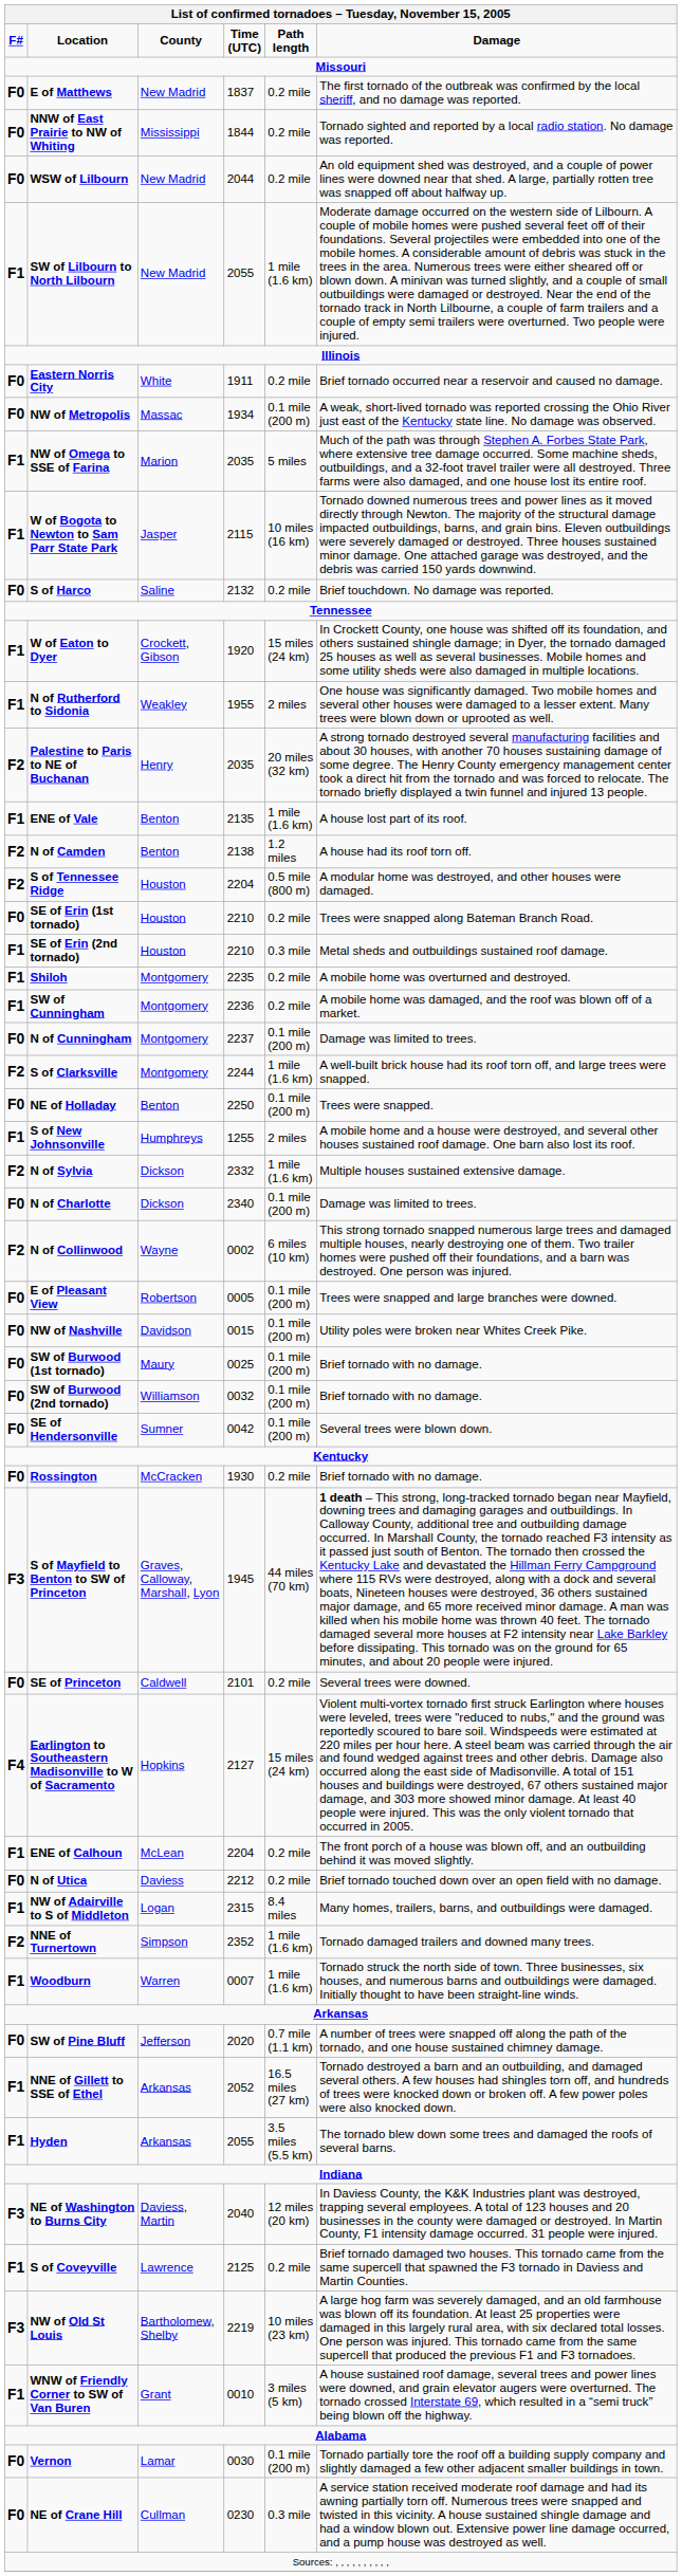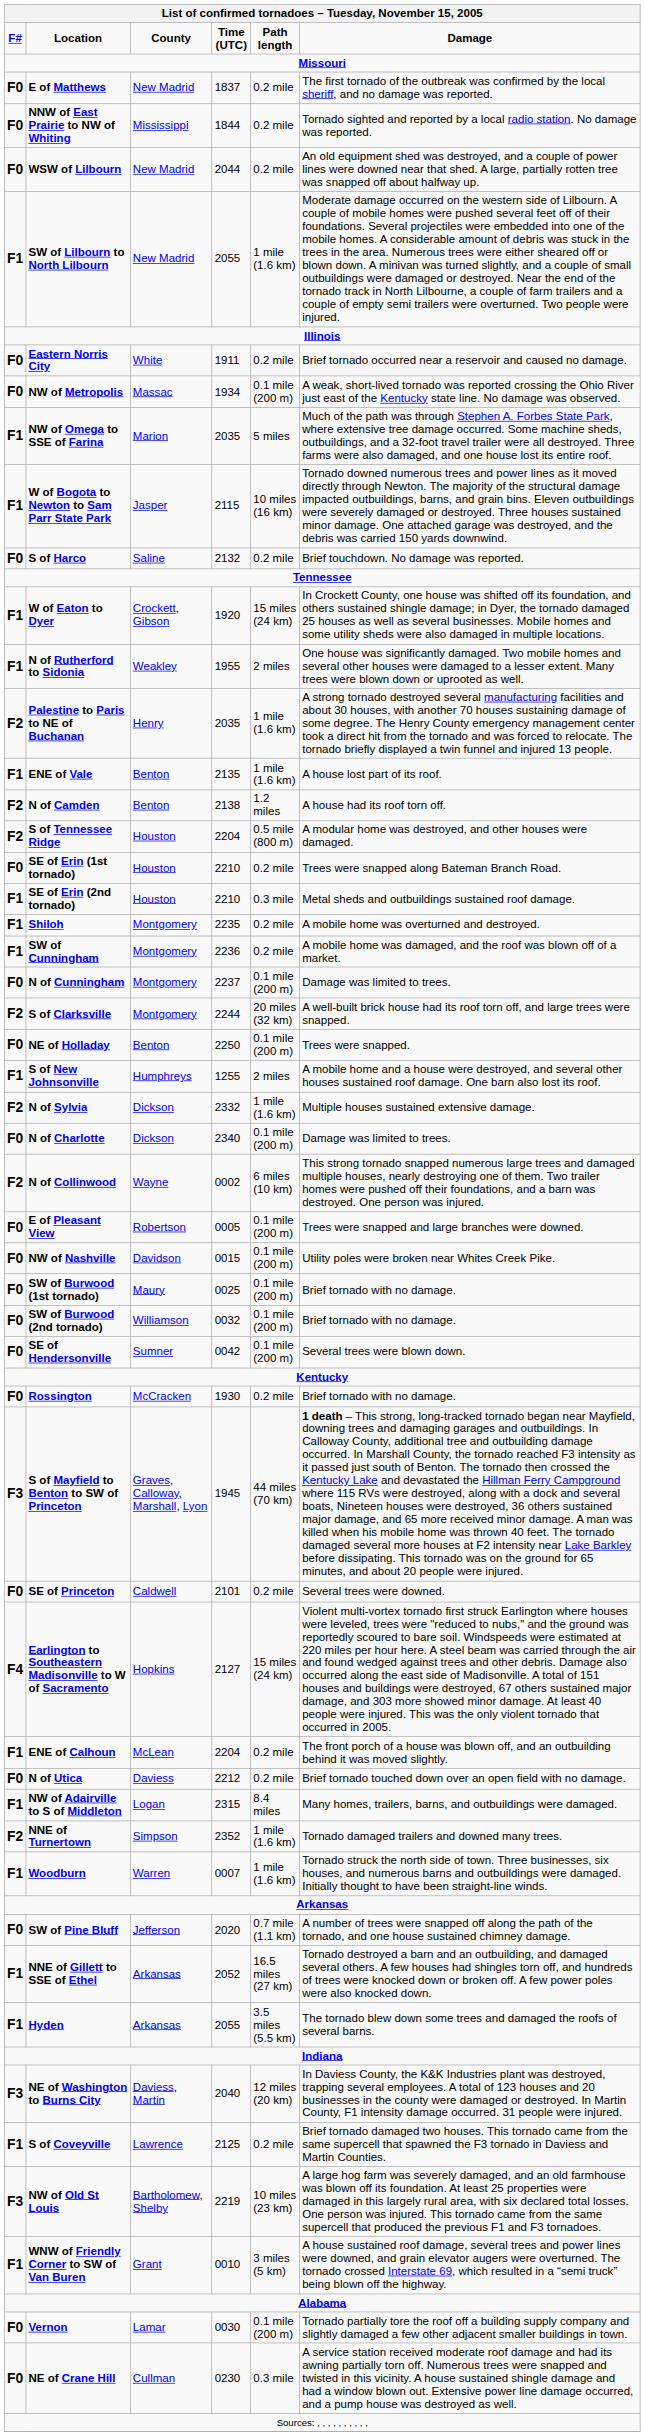 <table class="wikitable collapsible" width="100%">
 <tr>
 <th colspan="6">List of confirmed tornadoes – Tuesday, November 15, 2005</th>
 </tr>
 <tr style="text-align:center;">
 <td><strong><a href='#'>F#</a></strong></td>
 <td><strong>Location</strong></td>
 <td><strong>County</strong></td>
 <td><strong>Time (UTC)</strong></td>
 <td><strong>Path length</strong></td>
 <td><strong>Damage</strong></td>
 </tr>
 <tr>
 <td colspan="7" align=center><strong><a href='#'>Missouri</a></strong></td>
 </tr>
 <tr>
 <td><big><strong>F0</strong></big></td>
 <td><strong>E of <a href='#'>Matthews</a></strong></td>
 <td><a href='#'>New Madrid</a></td>
 <td>1837</td>
 <td>0.2 mile</td>
 <td>The first tornado of the outbreak was confirmed by the local <a href='#'>sheriff</a>, and no damage was reported.</td>
 </tr>
 <tr>
 <td><big><strong>F0</strong></big></td>
 <td><strong>NNW of <a href='#'>East Prairie</a> to NW of <a href='#'>Whiting</a></strong></td>
 <td><a href='#'>Mississippi</a></td>
 <td>1844</td>
 <td>0.2 mile</td>
 <td>Tornado sighted and reported by a local <a href='#'>radio station</a>. No damage was reported.</td>
 </tr>
 <tr>
 <td><big><strong>F0</strong></big></td>
 <td><strong>WSW of <a href='#'>Lilbourn</a></strong></td>
 <td><a href='#'>New Madrid</a></td>
 <td>2044</td>
 <td>0.2 mile</td>
 <td>An old equipment shed was destroyed, and a couple of power lines were downed near that shed. A large, partially rotten tree was snapped off about halfway up.</td>
 </tr>
 <tr>
 <td><big><strong>F1</strong></big></td>
 <td><strong>SW of <a href='#'>Lilbourn</a> to <a href='#'>North Lilbourn</a></strong></td>
 <td><a href='#'>New Madrid</a></td>
 <td>2055</td>
 <td>1 mile<br>(1.6 km)</td>
 <td>Moderate damage occurred on the western side of Lilbourn. A couple of mobile homes were pushed several feet off of their foundations. Several projectiles were embedded into one of the mobile homes. A considerable amount of debris was stuck in the trees in the area. Numerous trees were either sheared off or blown down. A minivan was turned slightly, and a couple of small outbuildings were damaged or destroyed. Near the end of the tornado track in North Lilbourne, a couple of farm trailers and a couple of empty semi trailers were overturned. Two people were injured.</td>
 </tr>
 <tr>
 <td colspan="7" align=center><strong><a href='#'>Illinois</a></strong></td>
 </tr>
 <tr>
 <td><big><strong>F0</strong></big></td>
 <td><strong><a href='#'>Eastern Norris City</a></strong></td>
 <td><a href='#'>White</a></td>
 <td>1911</td>
 <td>0.2 mile</td>
 <td>Brief tornado occurred near a reservoir and caused no damage.</td>
 </tr>
 <tr>
 <td><big><strong>F0</strong></big></td>
 <td><strong>NW of <a href='#'>Metropolis</a></strong></td>
 <td><a href='#'>Massac</a></td>
 <td>1934</td>
 <td>0.1 mile<br>(200 m)</td>
 <td>A weak, short-lived tornado was reported crossing the Ohio River just east of the <a href='#'>Kentucky</a> state line. No damage was observed.</td>
 </tr>
 <tr>
 <td><big><strong>F1</strong></big></td>
 <td><strong>NW of <a href='#'>Omega</a> to SSE of <a href='#'>Farina</a></strong></td>
 <td><a href='#'>Marion</a></td>
 <td>2035</td>
 <td>5 miles</td>
 <td>Much of the path was through <a href='#'>Stephen A. Forbes State Park</a>, where extensive tree damage occurred. Some machine sheds, outbuildings, and a 32-foot travel trailer were all destroyed. Three farms were also damaged, and one house lost its entire roof.</td>
 </tr>
 <tr>
 <td><big><strong>F1</strong></big></td>
 <td><strong>W of <a href='#'>Bogota</a> to <a href='#'>Newton</a> to <a href='#'>Sam Parr State Park</a></strong></td>
 <td><a href='#'>Jasper</a></td>
 <td>2115</td>
 <td>10 miles<br>(16 km)</td>
 <td>Tornado downed numerous trees and power lines as it moved directly through Newton. The majority of the structural damage impacted outbuildings, barns, and grain bins. Eleven outbuildings were severely damaged or destroyed. Three houses sustained minor damage. One attached garage was destroyed, and the debris was carried 150 yards downwind.</td>
 </tr>
 <tr>
 <td><big><strong>F0</strong></big></td>
 <td><strong>S of <a href='#'>Harco</a></strong></td>
 <td><a href='#'>Saline</a></td>
 <td>2132</td>
 <td>0.2 mile</td>
 <td>Brief touchdown. No damage was reported.</td>
 </tr>
 <tr>
 <td colspan="7" align=center><strong><a href='#'>Tennessee</a></strong></td>
 </tr>
 <tr>
 <td><big><strong>F1</strong></big></td>
 <td><strong>W of <a href='#'>Eaton</a> to <a href='#'>Dyer</a></strong></td>
 <td><a href='#'>Crockett</a>, <a href='#'>Gibson</a></td>
 <td>1920</td>
 <td>15 miles<br>(24 km)</td>
 <td>In Crockett County, one house was shifted off its foundation, and others sustained shingle damage; in Dyer, the tornado damaged 25 houses as well as several businesses. Mobile homes and some utility sheds were also damaged in multiple locations.</td>
 </tr>
 <tr>
 <td><big><strong>F1</strong></big></td>
 <td><strong>N of <a href='#'>Rutherford</a> to <a href='#'>Sidonia</a></strong></td>
 <td><a href='#'>Weakley</a></td>
 <td>1955</td>
 <td>2 miles</td>
 <td>One house was significantly damaged. Two mobile homes and several other houses were damaged to a lesser extent. Many trees were blown down or uprooted as well.</td>
 </tr>
 <tr>
 <td><big><strong>F2</strong></big></td>
 <td><strong><a href='#'>Palestine</a> to <a href='#'>Paris</a> to NE of <a href='#'>Buchanan</a></strong></td>
 <td><a href='#'>Henry</a></td>
 <td>2035</td>
-<td>20 miles<br>(32 km)</td>
+<td>1 mile<br>(1.6 km)</td>
 <td>A strong tornado destroyed several <a href='#'>manufacturing</a> facilities and about 30 houses, with another 70 houses sustaining damage of some degree. The Henry County emergency management center took a direct hit from the tornado and was forced to relocate. The tornado briefly displayed a twin funnel and injured 13 people.</td>
 </tr>
 <tr>
 <td><big><strong>F1</strong></big></td>
 <td><strong>ENE of <a href='#'>Vale</a></strong></td>
 <td><a href='#'>Benton</a></td>
 <td>2135</td>
 <td>1 mile<br>(1.6 km)</td>
 <td>A house lost part of its roof.</td>
 </tr>
 <tr>
 <td><big><strong>F2</strong></big></td>
 <td><strong>N of <a href='#'>Camden</a></strong></td>
 <td><a href='#'>Benton</a></td>
 <td>2138</td>
 <td>1.2 miles</td>
 <td>A house had its roof torn off.</td>
 </tr>
 <tr>
 <td><big><strong>F2</strong></big></td>
 <td><strong>S of <a href='#'>Tennessee Ridge</a></strong></td>
 <td><a href='#'>Houston</a></td>
 <td>2204</td>
 <td>0.5 mile<br>(800 m)</td>
 <td>A modular home was destroyed, and other houses were damaged.</td>
 </tr>
 <tr>
 <td><big><strong>F0</strong></big></td>
 <td><strong>SE of <a href='#'>Erin</a> (1st tornado)</strong></td>
 <td><a href='#'>Houston</a></td>
 <td>2210</td>
 <td>0.2 mile</td>
 <td>Trees were snapped along Bateman Branch Road.</td>
 </tr>
 <tr>
 <td><big><strong>F1</strong></big></td>
 <td><strong>SE of <a href='#'>Erin</a> (2nd tornado)</strong></td>
 <td><a href='#'>Houston</a></td>
 <td>2210</td>
 <td>0.3 mile</td>
 <td>Metal sheds and outbuildings sustained roof damage.</td>
 </tr>
 <tr>
 <td><big><strong>F1</strong></big></td>
 <td><strong><a href='#'>Shiloh</a></strong></td>
 <td><a href='#'>Montgomery</a></td>
 <td>2235</td>
 <td>0.2 mile</td>
 <td>A mobile home was overturned and destroyed.</td>
 </tr>
 <tr>
 <td><big><strong>F1</strong></big></td>
 <td><strong>SW of <a href='#'>Cunningham</a></strong></td>
 <td><a href='#'>Montgomery</a></td>
 <td>2236</td>
 <td>0.2 mile</td>
 <td>A mobile home was damaged, and the roof was blown off of a market.</td>
 </tr>
 <tr>
 <td><big><strong>F0</strong></big></td>
 <td><strong>N of <a href='#'>Cunningham</a></strong></td>
 <td><a href='#'>Montgomery</a></td>
 <td>2237</td>
 <td>0.1 mile<br>(200 m)</td>
 <td>Damage was limited to trees.</td>
 </tr>
 <tr>
 <td><big><strong>F2</strong></big></td>
 <td><strong>S of <a href='#'>Clarksville</a></strong></td>
 <td><a href='#'>Montgomery</a></td>
 <td>2244</td>
-<td>1 mile<br>(1.6 km)</td>
+<td>20 miles<br>(32 km)</td>
 <td>A well-built brick house had its roof torn off, and large trees were snapped.</td>
 </tr>
 <tr>
 <td><big><strong>F0</strong></big></td>
 <td><strong>NE of <a href='#'>Holladay</a></strong></td>
 <td><a href='#'>Benton</a></td>
 <td>2250</td>
 <td>0.1 mile<br>(200 m)</td>
 <td>Trees were snapped.</td>
 </tr>
 <tr>
 <td><big><strong>F1</strong></big></td>
 <td><strong>S of <a href='#'>New Johnsonville</a></strong></td>
 <td><a href='#'>Humphreys</a></td>
 <td>1255</td>
 <td>2 miles</td>
 <td>A mobile home and a house were destroyed, and several other houses sustained roof damage. One barn also lost its roof.</td>
 </tr>
 <tr>
 <td><big><strong>F2</strong></big></td>
 <td><strong>N of <a href='#'>Sylvia</a></strong></td>
 <td><a href='#'>Dickson</a></td>
 <td>2332</td>
 <td>1 mile<br>(1.6 km)</td>
 <td>Multiple houses sustained extensive damage.</td>
 </tr>
 <tr>
 <td><big><strong>F0</strong></big></td>
 <td><strong>N of <a href='#'>Charlotte</a></strong></td>
 <td><a href='#'>Dickson</a></td>
 <td>2340</td>
 <td>0.1 mile<br>(200 m)</td>
 <td>Damage was limited to trees.</td>
 </tr>
 <tr>
 <td><big><strong>F2</strong></big></td>
 <td><strong>N of <a href='#'>Collinwood</a></strong></td>
 <td><a href='#'>Wayne</a></td>
 <td>0002</td>
 <td>6 miles<br>(10 km)</td>
 <td>This strong tornado snapped numerous large trees and damaged multiple houses, nearly destroying one of them. Two trailer homes were pushed off their foundations, and a barn was destroyed. One person was injured.</td>
 </tr>
 <tr>
 <td><big><strong>F0</strong></big></td>
 <td><strong>E of <a href='#'>Pleasant View</a></strong></td>
 <td><a href='#'>Robertson</a></td>
 <td>0005</td>
 <td>0.1 mile<br>(200 m)</td>
 <td>Trees were snapped and large branches were downed.</td>
 </tr>
 <tr>
 <td><big><strong>F0</strong></big></td>
 <td><strong>NW of <a href='#'>Nashville</a></strong></td>
 <td><a href='#'>Davidson</a></td>
 <td>0015</td>
 <td>0.1 mile<br>(200 m)</td>
 <td>Utility poles were broken near Whites Creek Pike.</td>
 </tr>
 <tr>
 <td><big><strong>F0</strong></big></td>
 <td><strong>SW of <a href='#'>Burwood</a> (1st tornado)</strong></td>
 <td><a href='#'>Maury</a></td>
 <td>0025</td>
 <td>0.1 mile<br>(200 m)</td>
 <td>Brief tornado with no damage.</td>
 </tr>
 <tr>
 <td><big><strong>F0</strong></big></td>
 <td><strong>SW of <a href='#'>Burwood</a> (2nd tornado)</strong></td>
 <td><a href='#'>Williamson</a></td>
 <td>0032</td>
 <td>0.1 mile<br>(200 m)</td>
 <td>Brief tornado with no damage.</td>
 </tr>
 <tr>
 <td><big><strong>F0</strong></big></td>
 <td><strong>SE of <a href='#'>Hendersonville</a></strong></td>
 <td><a href='#'>Sumner</a></td>
 <td>0042</td>
 <td>0.1 mile<br>(200 m)</td>
 <td>Several trees were blown down.</td>
 </tr>
 <tr>
 <td colspan="7" align=center><strong><a href='#'>Kentucky</a></strong></td>
 </tr>
 <tr>
 <td><big><strong>F0</strong></big></td>
 <td><strong><a href='#'>Rossington</a></strong></td>
 <td><a href='#'>McCracken</a></td>
 <td>1930</td>
 <td>0.2 mile</td>
 <td>Brief tornado with no damage.</td>
 </tr>
 <tr>
 <td><big><strong>F3</strong></big></td>
 <td><strong>S of <a href='#'>Mayfield</a> to <a href='#'>Benton</a> to SW of <a href='#'>Princeton</a></strong></td>
 <td><a href='#'>Graves</a>, <a href='#'>Calloway</a>, <a href='#'>Marshall</a>, <a href='#'>Lyon</a></td>
 <td>1945</td>
 <td>44 miles<br>(70 km)</td>
 <td><strong>1 death</strong> – This strong, long-tracked tornado began near Mayfield, downing trees and damaging garages and outbuildings. In Calloway County, additional tree and outbuilding damage occurred. In Marshall County, the tornado reached F3 intensity as it passed just south of Benton. The tornado then crossed the <a href='#'>Kentucky Lake</a> and devastated the <a href='#'>Hillman Ferry Campground</a> where 115 RVs were destroyed, along with a dock and several boats, Nineteen houses were destroyed, 36 others sustained major damage, and 65 more received minor damage. A man was killed when his mobile home was thrown 40 feet. The tornado damaged several more houses at F2 intensity near <a href='#'>Lake Barkley</a> before dissipating. This tornado was on the ground for 65 minutes, and about 20 people were injured.</td>
 </tr>
 <tr>
 <td><big><strong>F0</strong></big></td>
 <td><strong>SE of <a href='#'>Princeton</a></strong></td>
 <td><a href='#'>Caldwell</a></td>
 <td>2101</td>
 <td>0.2 mile</td>
 <td>Several trees were downed.</td>
 </tr>
 <tr>
 <td><big><strong>F4</strong></big></td>
 <td><strong><a href='#'>Earlington</a> to <a href='#'>Southeastern Madisonville</a> to W of <a href='#'>Sacramento</a></strong></td>
 <td><a href='#'>Hopkins</a></td>
 <td>2127</td>
 <td>15 miles<br>(24 km)</td>
 <td>Violent multi-vortex tornado first struck Earlington where houses were leveled, trees were "reduced to nubs," and the ground was reportedly scoured to bare soil. Windspeeds were estimated at 220 miles per hour here. A steel beam was carried through the air and found wedged against trees and other debris. Damage also occurred along the east side of Madisonville. A total of 151 houses and buildings were destroyed, 67 others sustained major damage, and 303 more showed minor damage. At least 40 people were injured. This was the only violent tornado that occurred in 2005.</td>
 </tr>
 <tr>
 <td><big><strong>F1</strong></big></td>
 <td><strong>ENE of <a href='#'>Calhoun</a></strong></td>
 <td><a href='#'>McLean</a></td>
 <td>2204</td>
 <td>0.2 mile</td>
 <td>The front porch of a house was blown off, and an outbuilding behind it was moved slightly.</td>
 </tr>
 <tr>
 <td><big><strong>F0</strong></big></td>
 <td><strong>N of <a href='#'>Utica</a></strong></td>
 <td><a href='#'>Daviess</a></td>
 <td>2212</td>
 <td>0.2 mile</td>
 <td>Brief tornado touched down over an open field with no damage.</td>
 </tr>
 <tr>
 <td><big><strong>F1</strong></big></td>
 <td><strong>NW of <a href='#'>Adairville</a> to S of <a href='#'>Middleton</a></strong></td>
 <td><a href='#'>Logan</a></td>
 <td>2315</td>
 <td>8.4 miles</td>
 <td>Many homes, trailers, barns, and outbuildings were damaged.</td>
 </tr>
 <tr>
 <td><big><strong>F2</strong></big></td>
 <td><strong>NNE of <a href='#'>Turnertown</a></strong></td>
 <td><a href='#'>Simpson</a></td>
 <td>2352</td>
 <td>1 mile<br>(1.6 km)</td>
 <td>Tornado damaged trailers and downed many trees.</td>
 </tr>
 <tr>
 <td><big><strong>F1</strong></big></td>
 <td><strong><a href='#'>Woodburn</a></strong></td>
 <td><a href='#'>Warren</a></td>
 <td>0007</td>
 <td>1 mile<br>(1.6 km)</td>
 <td>Tornado struck the north side of town. Three businesses, six houses, and numerous barns and outbuildings were damaged. Initially thought to have been straight-line winds.</td>
 </tr>
 <tr>
 <td colspan="7" align=center><strong><a href='#'>Arkansas</a></strong></td>
 </tr>
 <tr>
 <td><big><strong>F0</strong></big></td>
 <td><strong>SW of <a href='#'>Pine Bluff</a></strong></td>
 <td><a href='#'>Jefferson</a></td>
 <td>2020</td>
 <td>0.7 mile<br>(1.1 km)</td>
 <td>A number of trees were snapped off along the path of the tornado, and one house sustained chimney damage.</td>
 </tr>
 <tr>
 <td><big><strong>F1</strong></big></td>
 <td><strong>NNE of <a href='#'>Gillett</a> to SSE of <a href='#'>Ethel</a></strong></td>
 <td><a href='#'>Arkansas</a></td>
 <td>2052</td>
 <td>16.5 miles<br>(27 km)</td>
 <td>Tornado destroyed a barn and an outbuilding, and damaged several others. A few houses had shingles torn off, and hundreds of trees were knocked down or broken off. A few power poles were also knocked down.</td>
 </tr>
 <tr>
 <td><big><strong>F1</strong></big></td>
 <td><strong><a href='#'>Hyden</a></strong></td>
 <td><a href='#'>Arkansas</a></td>
 <td>2055</td>
 <td>3.5 miles<br>(5.5 km)</td>
 <td>The tornado blew down some trees and damaged the roofs of several barns.</td>
 </tr>
 <tr>
 <td colspan="7" align=center><strong><a href='#'>Indiana</a></strong></td>
 </tr>
 <tr>
 <td><big><strong>F3</strong></big></td>
 <td><strong>NE of <a href='#'>Washington</a> to <a href='#'>Burns City</a></strong></td>
 <td><a href='#'>Daviess</a>, <a href='#'>Martin</a></td>
 <td>2040</td>
 <td>12 miles<br>(20 km)</td>
 <td>In Daviess County, the K&K Industries plant was destroyed, trapping several employees. A total of 123 houses and 20 businesses in the county were damaged or destroyed. In Martin County, F1 intensity damage occurred. 31 people were injured.</td>
 </tr>
 <tr>
 <td><big><strong>F1</strong></big></td>
 <td><strong>S of <a href='#'>Coveyville</a></strong></td>
 <td><a href='#'>Lawrence</a></td>
 <td>2125</td>
 <td>0.2 mile</td>
 <td>Brief tornado damaged two houses. This tornado came from the same supercell that spawned the F3 tornado in Daviess and Martin Counties.</td>
 </tr>
 <tr>
 <td><big><strong>F3</strong></big></td>
 <td><strong>NW of <a href='#'>Old St Louis</a></strong></td>
 <td><a href='#'>Bartholomew</a>, <a href='#'>Shelby</a></td>
 <td>2219</td>
 <td>10 miles<br>(23 km)</td>
 <td>A large hog farm was severely damaged, and an old farmhouse was blown off its foundation. At least 25 properties were damaged in this largely rural area, with six declared total losses. One person was injured. This tornado came from the same supercell that produced the previous F1 and F3 tornadoes.</td>
 </tr>
 <tr>
 <td><big><strong>F1</strong></big></td>
 <td><strong>WNW of <a href='#'>Friendly Corner</a> to SW of <a href='#'>Van Buren</a></strong></td>
 <td><a href='#'>Grant</a></td>
 <td>0010</td>
 <td>3 miles<br>(5 km)</td>
 <td>A house sustained roof damage, several trees and power lines were downed, and grain elevator augers were overturned. The tornado crossed <a href='#'>Interstate 69</a>, which resulted in a “semi truck” being blown off the highway.</td>
 </tr>
 <tr>
 <td colspan="7" align=center><strong><a href='#'>Alabama</a></strong></td>
 </tr>
 <tr>
 <td><big><strong>F0</strong></big></td>
 <td><strong><a href='#'>Vernon</a></strong></td>
 <td><a href='#'>Lamar</a></td>
 <td>0030</td>
 <td>0.1 mile<br>(200 m)</td>
 <td>Tornado partially tore the roof off a building supply company and slightly damaged a few other adjacent smaller buildings in town.</td>
 </tr>
 <tr>
 <td><big><strong>F0</strong></big></td>
 <td><strong>NE of <a href='#'>Crane Hill</a></strong></td>
 <td><a href='#'>Cullman</a></td>
 <td>0230</td>
 <td>0.3 mile</td>
 <td>A service station received moderate roof damage and had its awning partially torn off. Numerous trees were snapped and twisted in this vicinity. A house sustained shingle damage and had a window blown out. Extensive power line damage occurred, and a pump house was destroyed as well.</td>
 </tr>
 <tr>
 <td colspan="7" align=center><small>Sources: , , , , , , , , , , </small></td>
 </tr>
 <tr>
 </tr>
 </table>
